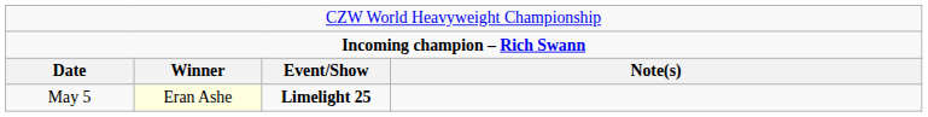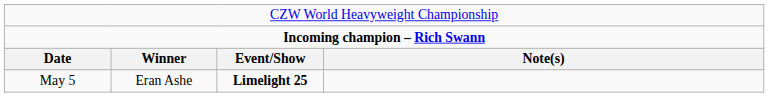 <table class="wikitable" style="text-align:center; width:100%;">
 <tr>
 <td colspan="4" style="text-align: center;"><a href='#'>CZW World Heavyweight Championship</a></td>
 </tr>
 <tr>
 <td colspan="4" style="text-align: center;"><strong>Incoming champion – <a href='#'>Rich Swann</a></strong></td>
 </tr>
 <tr>
 <th width=14%>Date</th>
 <th width=14%>Winner</th>
 <th width=14%>Event/Show</th>
 <th width=58%>Note(s)</th>
 </tr>
 <tr>
 <td>May 5</td>
-<td style="background: lightyellow;">Eran Ashe</td>
+<td>Eran Ashe</td>
 <td><strong>Limelight 25</strong></td>
 <td></td>
 </tr>
 </table>
